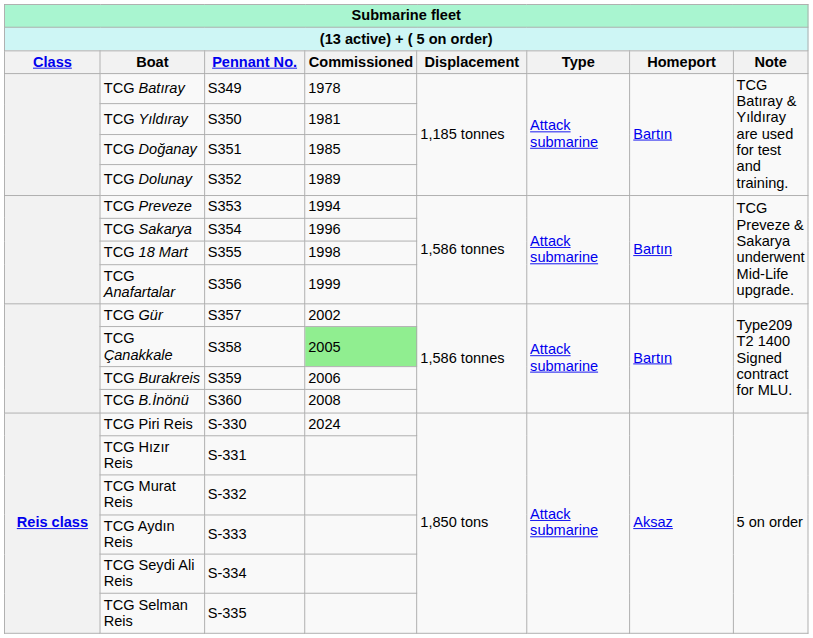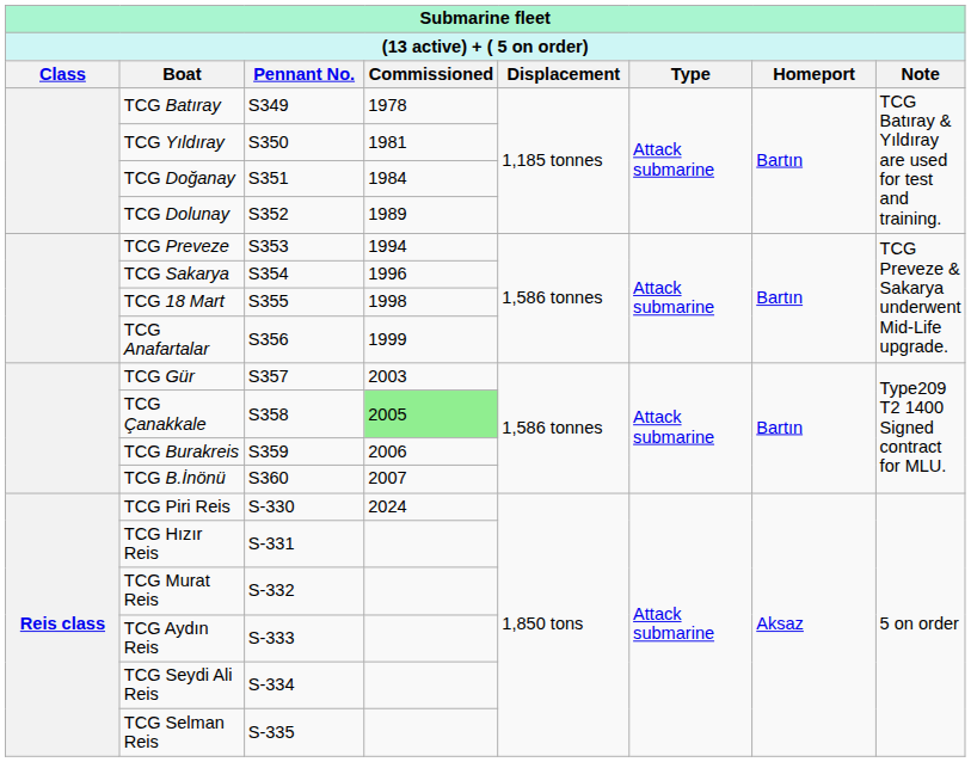 <table class="wikitable" style="margin:auto; width:100%;">
 <tr>
 <th style="align: center; background: #A9F5D0;" colspan="8">Submarine fleet</th>
 </tr>
 <tr>
 <th style="align: center; background: #CEF6F5;" colspan="8">(13 active) + ( 5 on order)</th>
 </tr>
 <tr>
 <th style="text-align:center; width:14%;"><a href='#'>Class</a></th>
 <th style="text-align:center; width:14%;">Boat</th>
 <th style="text-align:center; width:14%;"><a href='#'>Pennant No.</a></th>
 <th style="text-align:center; width:14%;">Commissioned</th>
 <th style="text-align:center; width:14%;">Displacement</th>
 <th style="text-align:center; width:14%;">Type</th>
 <th style="text-align:center; width:14%;">Homeport</th>
 <th style="text-align:center; width:2%;">Note</th>
 </tr>
 <tr>
 <th rowspan="4"></th>
 <td>TCG <em>Batıray</em></td>
 <td>S349</td>
 <td>1978</td>
 <td rowspan="4">1,185 tonnes</td>
 <td rowspan="4"><a href='#'>Attack submarine</a></td>
 <td rowspan="4"><a href='#'>Bartın</a></td>
 <td rowspan="4"> TCG Batıray & Yıldıray are used  for test and training.</td>
 </tr>
 <tr>
 <td>TCG <em>Yıldıray</em></td>
 <td>S350</td>
 <td>1981</td>
 </tr>
 <tr>
 <td>TCG <em>Doğanay</em></td>
 <td>S351</td>
-<td>1985</td>
+<td>1984</td>
 </tr>
 <tr>
 <td>TCG <em>Dolunay</em></td>
 <td>S352</td>
 <td>1989</td>
 </tr>
 <tr>
 <th rowspan="4"></th>
 <td>TCG <em>Preveze</em></td>
 <td>S353</td>
 <td>1994</td>
 <td rowspan="4">1,586 tonnes</td>
 <td rowspan="4"><a href='#'>Attack submarine</a></td>
 <td rowspan="4"><a href='#'>Bartın</a></td>
 <td rowspan="4"> TCG Preveze & Sakarya underwent Mid-Life upgrade.</td>
 </tr>
 <tr>
 <td>TCG <em>Sakarya</em></td>
 <td>S354</td>
 <td>1996</td>
 </tr>
 <tr>
 <td>TCG <em>18 Mart</em></td>
 <td>S355</td>
 <td>1998</td>
 </tr>
 <tr>
 <td>TCG <em>Anafartalar</em></td>
 <td>S356</td>
 <td>1999</td>
 </tr>
 <tr>
 <th rowspan="4"></th>
 <td>TCG <em>Gür</em></td>
 <td>S357</td>
-<td>2002</td>
+<td>2003</td>
 <td rowspan="4">1,586 tonnes</td>
 <td rowspan="4"><a href='#'>Attack submarine</a></td>
 <td rowspan="4"><a href='#'>Bartın</a></td>
 <td rowspan="4">Type209 T2 1400<br>Signed contract for MLU.</td>
 </tr>
 <tr>
 <td>TCG <em>Çanakkale</em></td>
 <td>S358</td>
 <td style="background: lightgreen;">2005</td>
 </tr>
 <tr>
 <td>TCG <em>Burakreis</em></td>
 <td>S359</td>
 <td>2006</td>
 </tr>
 <tr>
 <td>TCG <em>B.İnönü</em></td>
 <td>S360</td>
-<td>2008</td>
+<td>2007</td>
 </tr>
 <tr>
 <th rowspan="6"><a href='#'>Reis class</a></th>
 <td>TCG Piri Reis</td>
 <td>S-330</td>
 <td>2024</td>
 <td rowspan="6">1,850 tons</td>
 <td rowspan="6"><a href='#'>Attack submarine</a></td>
 <td rowspan="6"><a href='#'>Aksaz</a></td>
 <td rowspan="6">5 on order</td>
 </tr>
 <tr>
 <td>TCG Hızır Reis</td>
 <td>S-331</td>
 <td></td>
 </tr>
 <tr>
 <td>TCG Murat Reis</td>
 <td>S-332</td>
 <td></td>
 </tr>
 <tr>
 <td>TCG Aydın Reis</td>
 <td>S-333</td>
 <td></td>
 </tr>
 <tr>
 <td>TCG Seydi Ali Reis</td>
 <td>S-334</td>
 <td></td>
 </tr>
 <tr>
 <td>TCG Selman Reis</td>
 <td>S-335</td>
 <td></td>
 </tr>
 </table>
